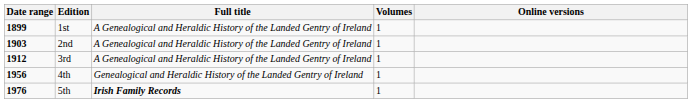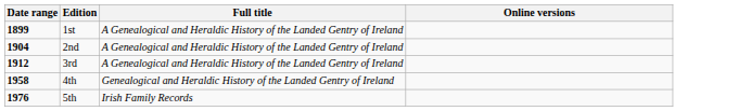 <table class="wikitable" style="text-align: left; style="vertical-align: top; border:none;background:transparent;">
 <tr>
 <th>Date range</th>
 <th>Edition</th>
 <th>Full title</th>
-<th>Volumes</th>
 <th style="width: 40%">Online versions</th>
 </tr>
 <tr style="vertical-align: top;|">
 <td><strong>1899</strong></td>
 <td>1st</td>
 <td><em> A Genealogical and Heraldic History of the Landed Gentry of Ireland</em></td>
-<td>1</td>
 <td></td>
 </tr>
 <tr style="vertical-align: top;|">
-<td><strong>1903</strong></td>
+<td><strong>1904</strong></td>
 <td>2nd</td>
 <td><em>A Genealogical and Heraldic History of the Landed Gentry of Ireland</em></td>
-<td>1</td>
 <td></td>
 </tr>
 <tr style="vertical-align: top;|">
 <td><strong>1912</strong></td>
 <td>3rd</td>
 <td><em>A Genealogical and Heraldic History of the Landed Gentry of Ireland</em></td>
-<td>1</td>
 <td></td>
 </tr>
 <tr style="vertical-align: top;|">
-<td><strong>1956</strong></td>
+<td><strong>1958</strong></td>
 <td>4th</td>
 <td><em>Genealogical and Heraldic History of the Landed Gentry of Ireland</em></td>
-<td>1</td>
 <td></td>
 </tr>
 <tr style="vertical-align: top;|">
 <td><strong>1976</strong></td>
 <td>5th</td>
-<td><strong><em>Irish Family Records</em></strong></td>
-<td>1</td>
+<td><em>Irish Family Records</em></td>
 <td></td>
 </tr>
 </table>
